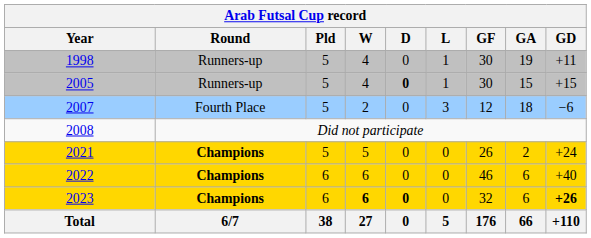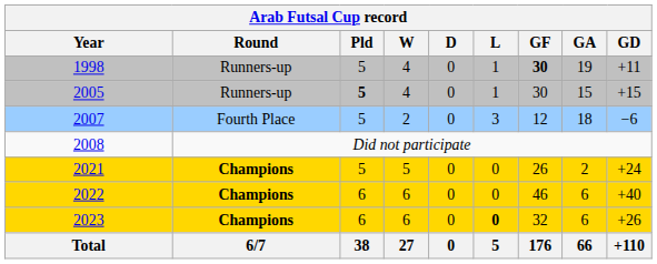 <table class="wikitable" style="text-align: center;font-size:90%;">
 <tr>
 <th colspan=9><a href='#'>Arab Futsal Cup</a> record</th>
 </tr>
 <tr>
 <th width=150>Year</th>
 <th width=150>Round</th>
 <th width=35>Pld</th>
 <th width=35>W</th>
 <th width=35>D</th>
 <th width=35>L</th>
 <th width=35>GF</th>
 <th width=35>GA</th>
 <th width=35>GD</th>
 </tr>
 <tr style="background:silver;">
 <td> <a href='#'>1998</a></td>
 <td>Runners-up</td>
 <td>5</td>
 <td>4</td>
 <td>0</td>
 <td>1</td>
-<td>30</td>
+<td><strong>30</strong></td>
 <td>19</td>
 <td>+11</td>
 </tr>
 <tr style="background:silver;">
 <td> <a href='#'>2005</a></td>
 <td>Runners-up</td>
-<td>5</td>
+<td><strong>5</strong></td>
 <td>4</td>
-<td><strong>0</strong></td>
+<td>0</td>
 <td>1</td>
 <td>30</td>
 <td>15</td>
 <td>+15</td>
 </tr>
 <tr style="background:#9acdff;">
 <td> <a href='#'>2007</a></td>
 <td>Fourth Place</td>
 <td>5</td>
 <td>2</td>
 <td>0</td>
 <td>3</td>
 <td>12</td>
 <td>18</td>
 <td>−6</td>
 </tr>
 <tr bgcolor=>
 <td> <a href='#'>2008</a></td>
 <td colspan=8><em>Did not participate</em></td>
 </tr>
 <tr bgcolor="gold">
 <td> <a href='#'>2021</a></td>
 <td><strong>Champions</strong></td>
 <td>5</td>
 <td>5</td>
 <td>0</td>
 <td>0</td>
 <td>26</td>
 <td>2</td>
 <td>+24</td>
 </tr>
 <tr bgcolor="gold">
 <td> <a href='#'>2022</a></td>
 <td><strong>Champions</strong></td>
 <td>6</td>
 <td>6</td>
 <td>0</td>
 <td>0</td>
 <td>46</td>
 <td>6</td>
 <td>+40</td>
 </tr>
 <tr bgcolor="gold">
 <td> <a href='#'>2023</a></td>
 <td><strong>Champions</strong></td>
 <td>6</td>
-<td><strong>6</strong></td>
+<td>6</td>
+<td>0</td>
 <td><strong>0</strong></td>
-<td>0</td>
 <td>32</td>
 <td>6</td>
-<td><strong>+26</strong></td>
+<td>+26</td>
 </tr>
 <tr>
 <th><strong>Total</strong></th>
 <th>6/7</th>
 <th>38</th>
 <th>27</th>
 <th>0</th>
 <th>5</th>
 <th>176</th>
 <th>66</th>
 <th>+110</th>
 </tr>
 </table>
